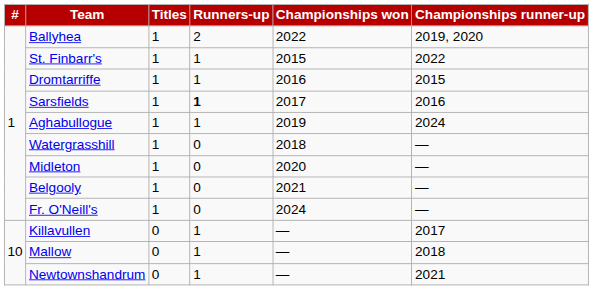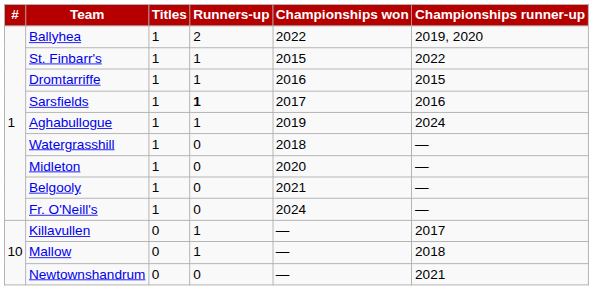 <table class="wikitable">
 <tr>
 <th style="background:#B60000;color:white">#</th>
 <th style="background:#B60000;color:white">Team</th>
 <th style="background:#B60000;color:white">Titles</th>
 <th style="background:#B60000;color:white">Runners-up</th>
 <th style="background:#B60000;color:white">Championships won</th>
 <th style="background:#B60000;color:white">Championships runner-up</th>
 </tr>
 <tr>
 <td rowspan="9">1</td>
 <td> <a href='#'>Ballyhea</a></td>
 <td>1</td>
 <td>2</td>
 <td>2022</td>
 <td>2019, 2020</td>
 </tr>
 <tr>
 <td> <a href='#'>St. Finbarr's</a></td>
 <td>1</td>
 <td>1</td>
 <td>2015</td>
 <td>2022</td>
 </tr>
 <tr>
 <td> <a href='#'>Dromtarriffe</a></td>
 <td>1</td>
 <td>1</td>
 <td>2016</td>
 <td>2015</td>
 </tr>
 <tr>
 <td> <a href='#'>Sarsfields</a></td>
 <td>1</td>
 <td><strong>1</strong></td>
 <td>2017</td>
 <td>2016</td>
 </tr>
 <tr>
 <td> <a href='#'>Aghabullogue</a></td>
 <td>1</td>
 <td>1</td>
 <td>2019</td>
 <td>2024</td>
 </tr>
 <tr>
 <td> <a href='#'>Watergrasshill</a></td>
 <td>1</td>
 <td>0</td>
 <td>2018</td>
 <td>—</td>
 </tr>
 <tr>
 <td> <a href='#'>Midleton</a></td>
 <td>1</td>
 <td>0</td>
 <td>2020</td>
 <td>—</td>
 </tr>
 <tr>
 <td> <a href='#'>Belgooly</a></td>
 <td>1</td>
 <td>0</td>
 <td>2021</td>
 <td>—</td>
 </tr>
 <tr>
 <td><a href='#'>Fr. O'Neill's</a></td>
 <td>1</td>
 <td>0</td>
 <td>2024</td>
 <td>—</td>
 </tr>
 <tr>
 <td rowspan="3">10</td>
 <td> <a href='#'>Killavullen</a></td>
 <td>0</td>
 <td>1</td>
 <td>—</td>
 <td>2017</td>
 </tr>
 <tr>
 <td> <a href='#'>Mallow</a></td>
 <td>0</td>
 <td>1</td>
 <td>—</td>
 <td>2018</td>
 </tr>
 <tr>
 <td> <a href='#'>Newtownshandrum</a></td>
 <td>0</td>
-<td>1</td>
+<td>0</td>
 <td>—</td>
 <td>2021</td>
 </tr>
 </table>
